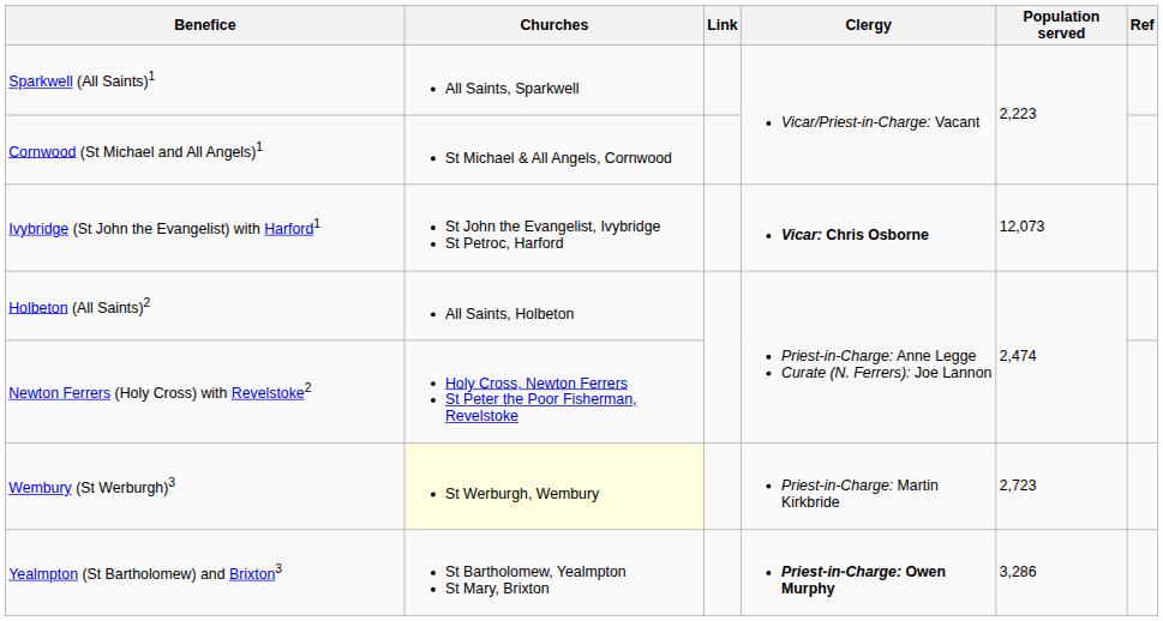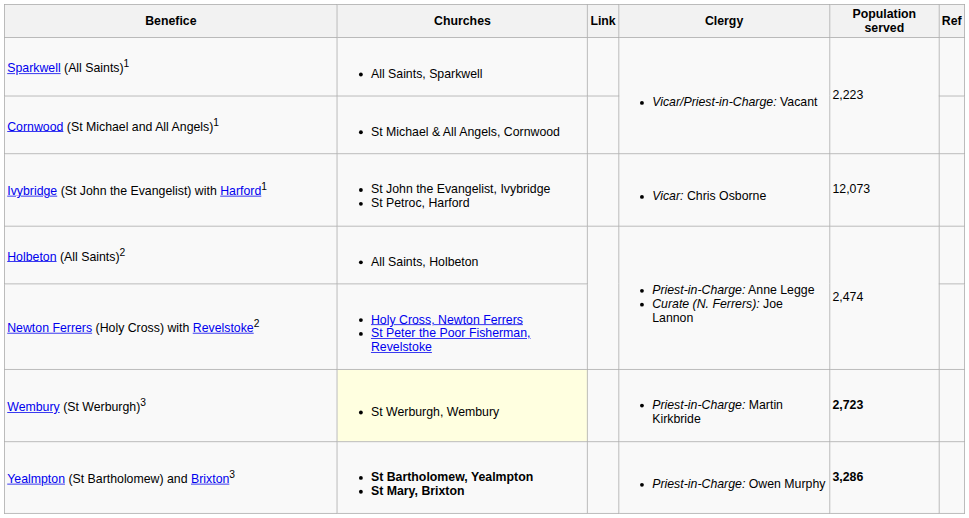 <table class="wikitable">
 <tr>
 <th width="425">Benefice</th>
 <th>Churches</th>
 <th>Link</th>
 <th>Clergy</th>
 <th>Population served</th>
 <th>Ref</th>
 </tr>
 <tr>
 <td><a href='#'>Sparkwell</a> (All Saints)<sup>1</sup></td>
 <td><br><ul><li>All Saints, Sparkwell</li></ul></td>
 <td></td>
 <td rowspan="2"><br><ul><li><em>Vicar/Priest-in-Charge:</em> Vacant</li></ul></td>
 <td rowspan="2">2,223</td>
 <td></td>
 </tr>
 <tr>
 <td><a href='#'>Cornwood</a> (St Michael and All Angels)<sup>1</sup></td>
 <td><br><ul><li>St Michael & All Angels, Cornwood</li></ul></td>
 <td></td>
 <td></td>
 </tr>
 <tr>
 <td><a href='#'>Ivybridge</a> (St John the Evangelist) with <a href='#'>Harford</a><sup>1</sup></td>
 <td><br><ul><li>St John the Evangelist, Ivybridge</li><li>St Petroc, Harford</li></ul></td>
 <td></td>
-<td><strong><br><ul><li><em>Vicar:</em> Chris Osborne</li></ul></strong></td>
+<td><br><ul><li><em>Vicar:</em> Chris Osborne</li></ul></td>
 <td>12,073</td>
 <td></td>
 </tr>
 <tr>
 <td><a href='#'>Holbeton</a> (All Saints)<sup>2</sup></td>
 <td><br><ul><li>All Saints, Holbeton</li></ul></td>
 <td rowspan="2"></td>
 <td rowspan="2"><br><ul><li><em>Priest-in-Charge:</em> Anne Legge</li><li><em>Curate (N. Ferrers):</em> Joe Lannon</li></ul></td>
 <td rowspan="2">2,474</td>
 <td></td>
 </tr>
 <tr>
 <td><a href='#'>Newton Ferrers</a> (Holy Cross) with <a href='#'>Revelstoke</a><sup>2</sup></td>
 <td><br><ul><li><a href='#'>Holy Cross, Newton Ferrers</a></li><li><a href='#'>St Peter the Poor Fisherman, Revelstoke</a></li></ul></td>
 <td></td>
 </tr>
 <tr>
 <td><a href='#'>Wembury</a> (St Werburgh)<sup>3</sup></td>
 <td style="background: lightyellow;"><br><ul><li>St Werburgh, Wembury</li></ul></td>
 <td></td>
 <td><br><ul><li><em>Priest-in-Charge:</em> Martin Kirkbride</li></ul></td>
-<td>2,723</td>
+<td><strong>2,723</strong></td>
 <td></td>
 </tr>
 <tr>
 <td><a href='#'>Yealmpton</a> (St Bartholomew) and <a href='#'>Brixton</a><sup>3</sup></td>
-<td><br><ul><li>St Bartholomew, Yealmpton</li><li>St Mary, Brixton</li></ul></td>
+<td><strong><br><ul><li>St Bartholomew, Yealmpton</li><li>St Mary, Brixton</li></ul></strong></td>
 <td></td>
-<td><strong><br><ul><li><em>Priest-in-Charge:</em> Owen Murphy</li></ul></strong></td>
-<td>3,286</td>
+<td><br><ul><li><em>Priest-in-Charge:</em> Owen Murphy</li></ul></td>
+<td><strong>3,286</strong></td>
 <td></td>
 </tr>
 </table>
